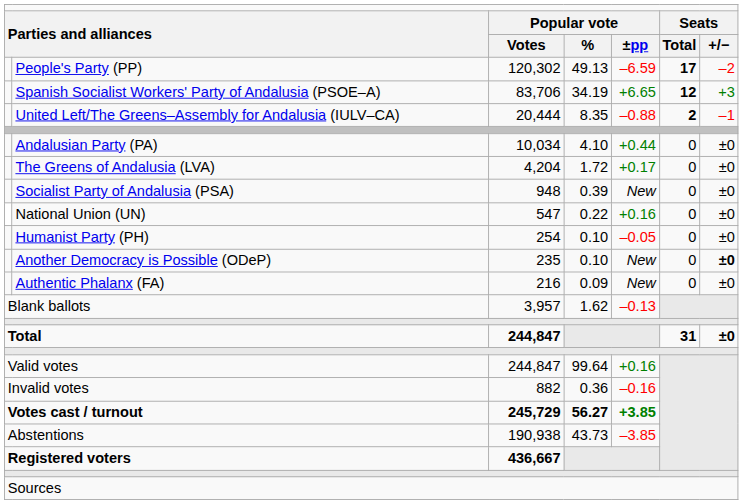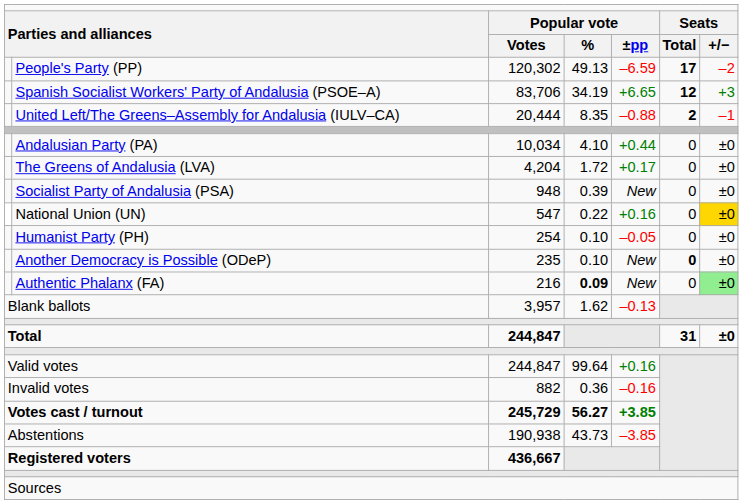 <table class="wikitable" style="text-align:right;">
 <tr>
 <td colspan="7"></td>
 </tr>
 <tr>
 <th style="text-align:left;" rowspan="2" colspan="2" width="525">Parties and alliances</th>
 <th colspan="3">Popular vote</th>
 <th colspan="2">Seats</th>
 </tr>
 <tr>
 <th width="75">Votes</th>
 <th width="45">%</th>
 <th width="45">±<a href='#'>pp</a></th>
 <th width="35">Total</th>
 <th width="35">+/−</th>
 </tr>
 <tr>
 <td width="1" style="color:inherit;background:"></td>
 <td align="left"><a href='#'>People's Party</a> (PP)</td>
 <td>120,302</td>
 <td>49.13</td>
 <td style="color:red;">–6.59</td>
 <td><strong>17</strong></td>
 <td style="color:red;">–2</td>
 </tr>
 <tr>
 <td style="color:inherit;background:"></td>
 <td align="left"><a href='#'>Spanish Socialist Workers' Party of Andalusia</a> (PSOE–A)</td>
 <td>83,706</td>
 <td>34.19</td>
 <td style="color:green;">+6.65</td>
 <td><strong>12</strong></td>
 <td style="color:green;">+3</td>
 </tr>
 <tr>
 <td style="color:inherit;background:"></td>
 <td align="left"><a href='#'>United Left/The Greens–Assembly for Andalusia</a> (IULV–CA)</td>
 <td>20,444</td>
 <td>8.35</td>
 <td style="color:red;">–0.88</td>
 <td><strong>2</strong></td>
 <td style="color:red;">–1</td>
 </tr>
 <tr>
 <td colspan="7" bgcolor="#C0C0C0"></td>
 </tr>
 <tr>
 <td style="color:inherit;background:"></td>
 <td align="left"><a href='#'>Andalusian Party</a> (PA)</td>
 <td>10,034</td>
 <td>4.10</td>
 <td style="color:green;">+0.44</td>
 <td>0</td>
 <td>±0</td>
 </tr>
 <tr>
 <td style="color:inherit;background:"></td>
 <td align="left"><a href='#'>The Greens of Andalusia</a> (LVA)</td>
 <td>4,204</td>
 <td>1.72</td>
 <td style="color:green;">+0.17</td>
 <td>0</td>
 <td>±0</td>
 </tr>
 <tr>
 <td style="color:inherit;background:"></td>
 <td align="left"><a href='#'>Socialist Party of Andalusia</a> (PSA)</td>
 <td>948</td>
 <td>0.39</td>
 <td><em>New</em></td>
 <td>0</td>
 <td>±0</td>
 </tr>
 <tr>
 <td bgcolor="white"></td>
 <td align="left">National Union (UN)</td>
 <td>547</td>
 <td>0.22</td>
 <td style="color:green;">+0.16</td>
 <td>0</td>
-<td>±0</td>
+<td style="background: gold;">±0</td>
 </tr>
 <tr>
 <td style="color:inherit;background:"></td>
 <td align="left"><a href='#'>Humanist Party</a> (PH)</td>
 <td>254</td>
 <td>0.10</td>
 <td style="color:red;">–0.05</td>
 <td>0</td>
 <td>±0</td>
 </tr>
 <tr>
 <td style="color:inherit;background:"></td>
 <td align="left"><a href='#'>Another Democracy is Possible</a> (ODeP)</td>
 <td>235</td>
 <td>0.10</td>
 <td><em>New</em></td>
-<td>0</td>
-<td><strong>±0</strong></td>
+<td><strong>0</strong></td>
+<td>±0</td>
 </tr>
 <tr>
 <td style="color:inherit;background:"></td>
 <td align="left"><a href='#'>Authentic Phalanx</a> (FA)</td>
 <td>216</td>
-<td>0.09</td>
+<td><strong>0.09</strong></td>
 <td><em>New</em></td>
 <td>0</td>
-<td>±0</td>
+<td style="background: lightgreen;">±0</td>
 </tr>
 <tr>
 <td align="left" colspan="2">Blank ballots</td>
 <td>3,957</td>
 <td>1.62</td>
 <td style="color:red;">–0.13</td>
 <td bgcolor="#E9E9E9" colspan="2"></td>
 </tr>
 <tr>
 <td colspan="7" bgcolor="#E9E9E9"></td>
 </tr>
 <tr style="font-weight:bold;">
 <td align="left" colspan="2">Total</td>
 <td>244,847</td>
 <td bgcolor="#E9E9E9" colspan="2"></td>
 <td>31</td>
 <td>±0</td>
 </tr>
 <tr>
 <td colspan="7" bgcolor="#E9E9E9"></td>
 </tr>
 <tr>
 <td align="left" colspan="2">Valid votes</td>
 <td>244,847</td>
 <td>99.64</td>
 <td style="color:green;">+0.16</td>
 <td bgcolor="#E9E9E9" colspan="2" rowspan="5"></td>
 </tr>
 <tr>
 <td align="left" colspan="2">Invalid votes</td>
 <td>882</td>
 <td>0.36</td>
 <td style="color:red;">–0.16</td>
 </tr>
 <tr style="font-weight:bold;">
 <td align="left" colspan="2">Votes cast / turnout</td>
 <td>245,729</td>
 <td>56.27</td>
 <td style="color:green;">+3.85</td>
 </tr>
 <tr>
 <td align="left" colspan="2">Abstentions</td>
 <td>190,938</td>
 <td>43.73</td>
 <td style="color:red;">–3.85</td>
 </tr>
 <tr style="font-weight:bold;">
 <td align="left" colspan="2">Registered voters</td>
 <td>436,667</td>
 <td bgcolor="#E9E9E9" colspan="2"></td>
 </tr>
 <tr>
 <td colspan="7" bgcolor="#E9E9E9"></td>
 </tr>
 <tr>
 <td align="left" colspan="7">Sources</td>
 </tr>
 </table>
